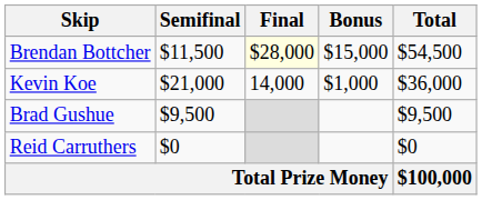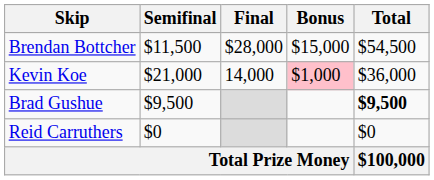 <table class="wikitable sortable">
 <tr>
 <th>Skip</th>
 <th>Semifinal</th>
 <th>Final</th>
 <th>Bonus</th>
 <th>Total</th>
 </tr>
 <tr>
 <td><a href='#'>Brendan Bottcher</a></td>
 <td>$11,500</td>
-<td style="background: lightyellow;">$28,000</td>
+<td>$28,000</td>
 <td>$15,000</td>
 <td>$54,500</td>
 </tr>
 <tr>
 <td><a href='#'>Kevin Koe</a></td>
 <td>$21,000</td>
 <td>14,000</td>
-<td>$1,000</td>
+<td style="background: pink;">$1,000</td>
 <td>$36,000</td>
 </tr>
 <tr>
 <td><a href='#'>Brad Gushue</a></td>
 <td>$9,500</td>
 <td bgcolor=#DCDCDC></td>
 <td></td>
-<td>$9,500</td>
+<td><strong>$9,500</strong></td>
 </tr>
 <tr>
 <td><a href='#'>Reid Carruthers</a></td>
 <td>$0</td>
 <td bgcolor=#DCDCDC></td>
 <td></td>
 <td>$0</td>
 </tr>
 <tr class=sortbottom>
 <th colspan=4 style="text-align:right;">Total Prize Money</th>
 <th>$100,000</th>
 </tr>
 </table>
